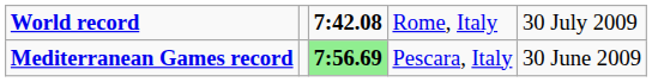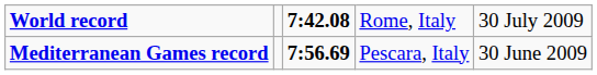 <table class="wikitable">
 <tr>
 <td><strong><a href='#'>World record</a></strong></td>
 <td></td>
 <td><strong>7:42.08</strong></td>
 <td><a href='#'>Rome</a>, <a href='#'>Italy</a></td>
 <td>30 July 2009</td>
 </tr>
 <tr>
 <td><strong><a href='#'>Mediterranean Games record</a></strong></td>
 <td></td>
-<td style="background: lightgreen;"><strong>7:56.69</strong></td>
+<td><strong>7:56.69</strong></td>
 <td><a href='#'>Pescara</a>, <a href='#'>Italy</a></td>
 <td>30 June 2009</td>
 </tr>
 </table>
